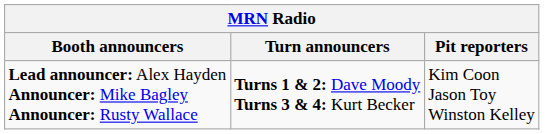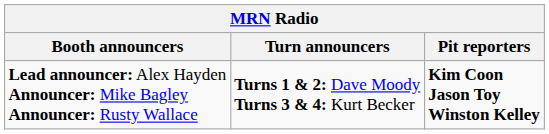 <table class="wikitable" style="font-size: 95%">
 <tr>
 <th colspan="3"><a href='#'>MRN</a> Radio</th>
 </tr>
 <tr>
 <th>Booth announcers</th>
 <th>Turn announcers</th>
 <th>Pit reporters</th>
 </tr>
 <tr>
 <td><strong>Lead announcer:</strong> Alex Hayden<br><strong>Announcer:</strong> <a href='#'>Mike Bagley</a><br><strong>Announcer:</strong> <a href='#'>Rusty Wallace</a></td>
 <td><strong>Turns 1 & 2:</strong> <a href='#'>Dave Moody</a><br><strong>Turns 3 & 4:</strong> Kurt Becker</td>
-<td>Kim Coon<br>Jason Toy<br>Winston Kelley</td>
+<td><strong>Kim Coon<br>Jason Toy<br>Winston Kelley</strong></td>
 </tr>
 </table>
